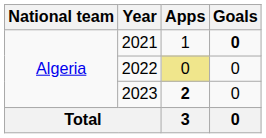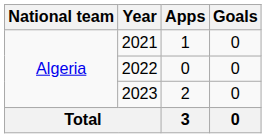 <table class="wikitable" style="text-align:center">
 <tr>
 <th>National team</th>
 <th>Year</th>
 <th>Apps</th>
 <th>Goals</th>
 </tr>
 <tr>
 <td rowspan=3><a href='#'>Algeria</a></td>
 <td>2021</td>
 <td>1</td>
-<td><strong>0</strong></td>
+<td>0</td>
 </tr>
 <tr>
 <td>2022</td>
-<td style="background: khaki;">0</td>
+<td>0</td>
 <td>0</td>
 </tr>
 <tr>
 <td>2023</td>
-<td><strong>2</strong></td>
+<td>2</td>
 <td>0</td>
 </tr>
 <tr>
 <th colspan=2>Total</th>
 <th>3</th>
 <th>0</th>
 </tr>
 </table>
